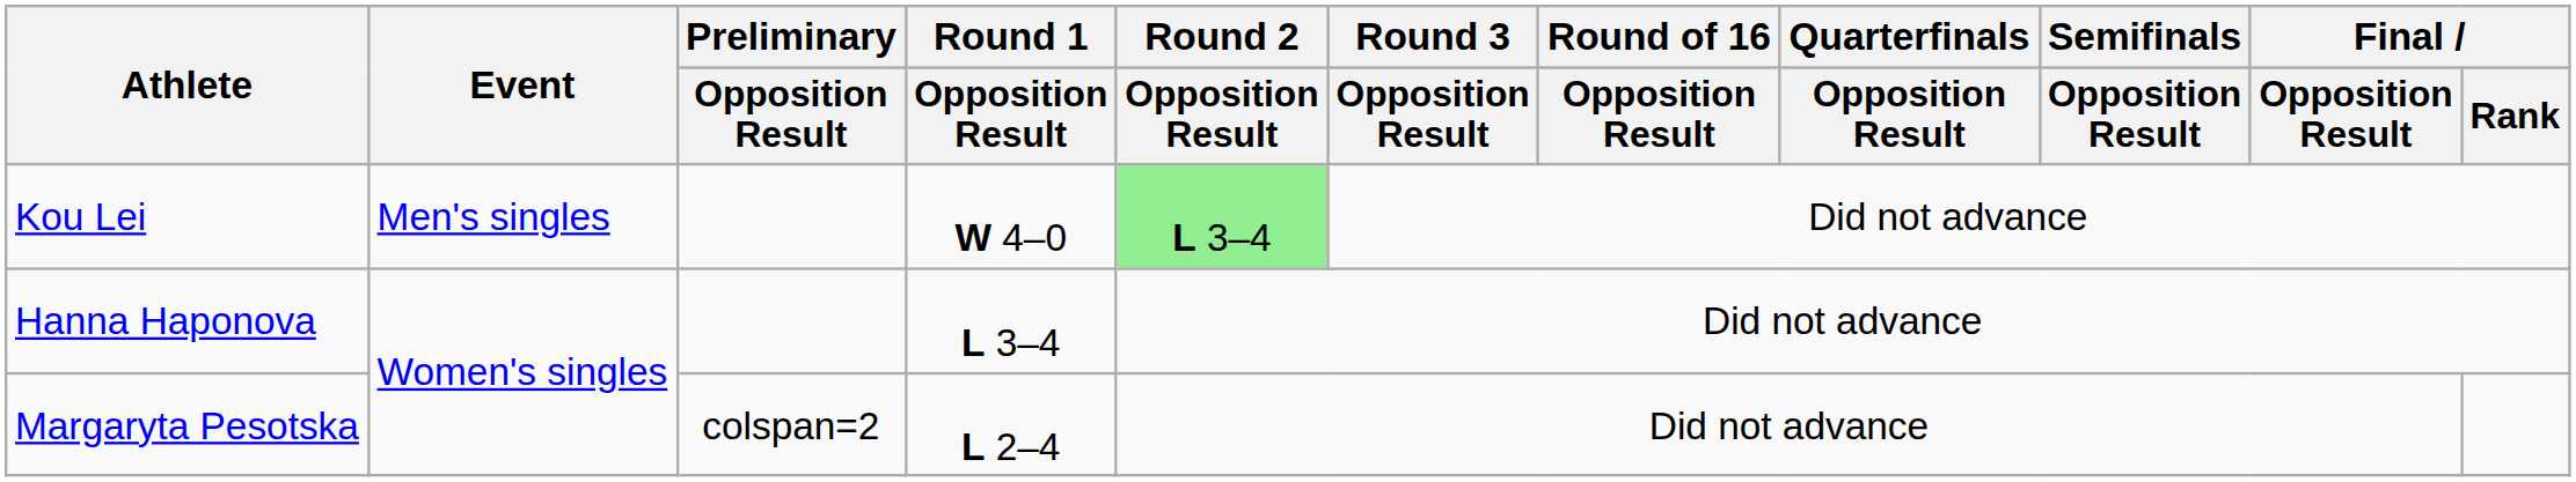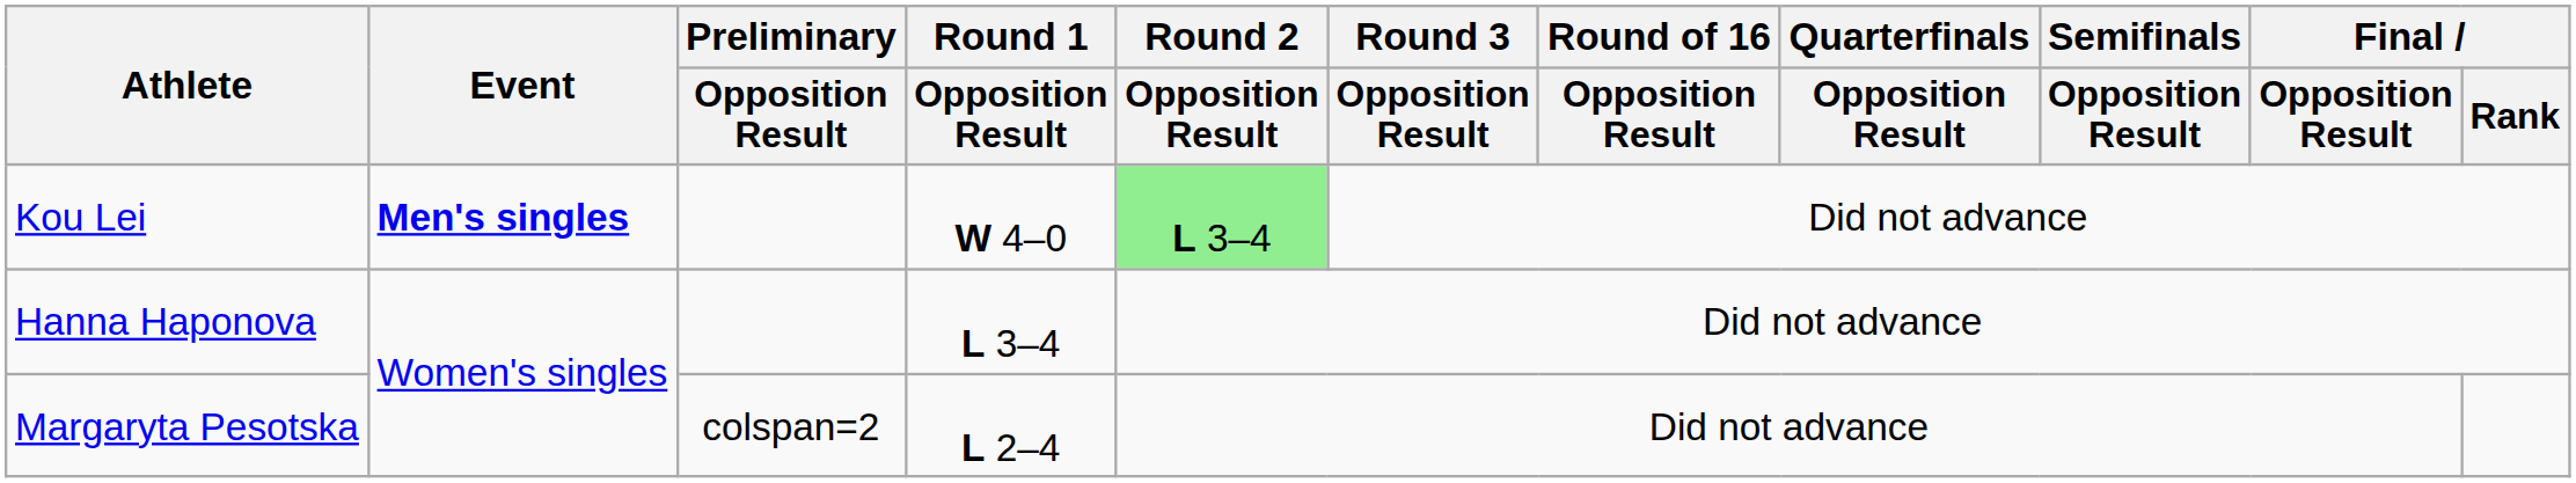 <table class="wikitable" style="font-size:90%;">
 <tr>
 <th rowspan=2>Athlete</th>
 <th rowspan=2>Event</th>
 <th>Preliminary</th>
 <th>Round 1</th>
 <th>Round 2</th>
 <th>Round 3</th>
 <th>Round of 16</th>
 <th>Quarterfinals</th>
 <th>Semifinals</th>
 <th colspan=2>Final / </th>
 </tr>
 <tr style="font-size:95%">
 <th>Opposition<br>Result</th>
 <th>Opposition<br>Result</th>
 <th>Opposition<br>Result</th>
 <th>Opposition<br>Result</th>
 <th>Opposition<br>Result</th>
 <th>Opposition<br>Result</th>
 <th>Opposition<br>Result</th>
 <th>Opposition<br>Result</th>
 <th>Rank</th>
 </tr>
 <tr align=center>
 <td align=left><a href='#'>Kou Lei</a></td>
-<td align=left><a href='#'>Men's singles</a></td>
+<td align=left><strong><a href='#'>Men's singles</a></strong></td>
 <td></td>
 <td><br><strong>W</strong> 4–0</td>
 <td style="background: lightgreen;"><br><strong>L</strong> 3–4</td>
 <td colspan=6>Did not advance</td>
 </tr>
 <tr align=center>
 <td align=left><a href='#'>Hanna Haponova</a></td>
 <td align=left rowspan=2><a href='#'>Women's singles</a></td>
 <td></td>
 <td><br><strong>L</strong> 3–4</td>
 <td colspan=7>Did not advance</td>
 </tr>
 <tr align=center>
 <td align=left><a href='#'>Margaryta Pesotska</a></td>
 <td>colspan=2 </td>
 <td><br><strong>L</strong> 2–4</td>
 <td colspan=6>Did not advance</td>
 </tr>
 </table>
